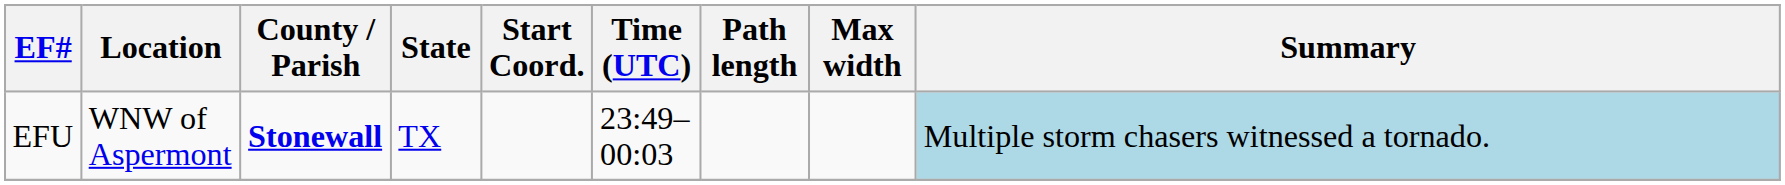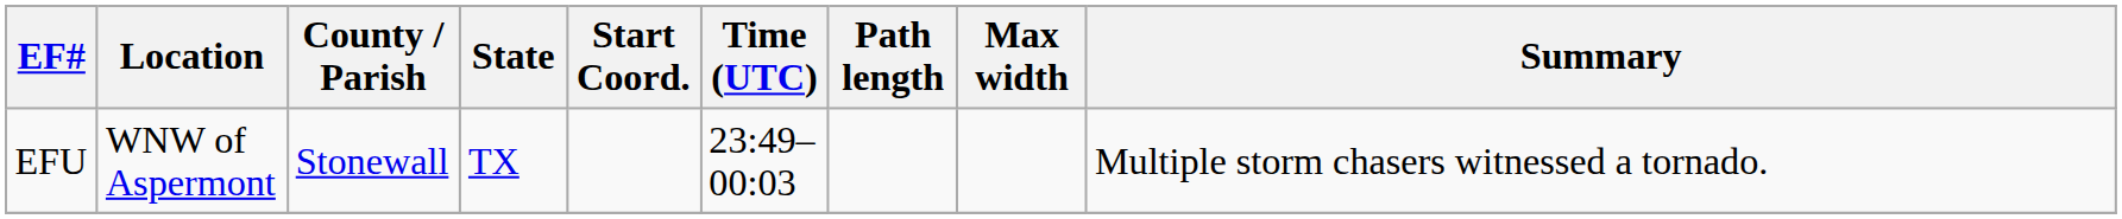 <table class="wikitable sortable" style="width:100%;">
 <tr>
 <th scope="col"  style="width:3%; text-align:center;"><a href='#'>EF#</a></th>
 <th scope="col"  style="width:7%; text-align:center;" class="unsortable">Location</th>
 <th scope="col"  style="width:6%; text-align:center;" class="unsortable">County / Parish</th>
 <th scope="col"  style="width:5%; text-align:center;">State</th>
 <th scope="col"  style="width:6%; text-align:center;">Start Coord.</th>
 <th scope="col"  style="width:6%; text-align:center;">Time (<a href='#'>UTC</a>)</th>
 <th scope="col"  style="width:6%; text-align:center;">Path length</th>
 <th scope="col"  style="width:6%; text-align:center;">Max width</th>
 <th scope="col" class="unsortable" style="width:48%; text-align:center;">Summary</th>
 </tr>
 <tr>
 <td>EFU</td>
 <td>WNW of <a href='#'>Aspermont</a></td>
-<td><strong><a href='#'>Stonewall</a></strong></td>
+<td><a href='#'>Stonewall</a></td>
 <td><a href='#'>TX</a></td>
 <td></td>
 <td>23:49–00:03</td>
 <td></td>
 <td></td>
-<td style="background: lightblue;">Multiple storm chasers witnessed a tornado.</td>
+<td>Multiple storm chasers witnessed a tornado.</td>
 </tr>
 <tr>
 </tr>
 </table>
